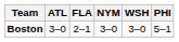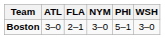 <table class="wikitable" style="text-align:center; font-size: 95%;">
 <tr>
 <th>Team</th>
 <th><strong>ATL</strong></th>
 <th><strong>FLA</strong></th>
 <th><strong>NYM</strong></th>
+<th><strong>PHI</strong></th>
 <th><strong>WSH</strong></th>
-<th><strong>PHI</strong></th>
 </tr>
 <tr>
 <td><strong>Boston</strong></td>
 <td>3–0</td>
 <td>2–1</td>
 <td>3–0</td>
+<td>5–1</td>
 <td>3–0</td>
-<td>5–1</td>
 </tr>
 </table>
